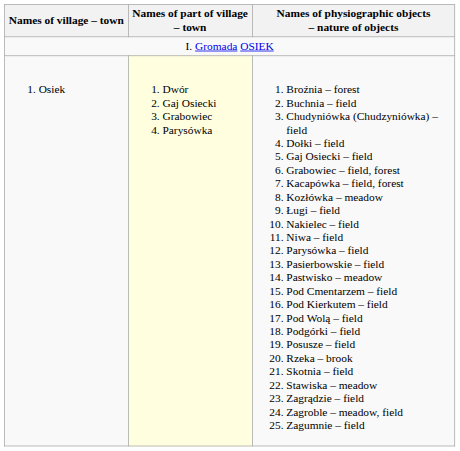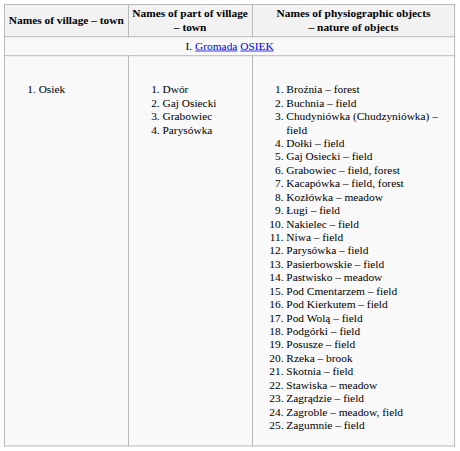 <table class="wikitable" style="text-align:center; font-size:90%" |>
 <tr>
 <th width="150px">Names of village – town</th>
 <th width="150px">Names of part of village<br> – town</th>
 <th width="250px">Names of physiographic objects<br> – nature of objects</th>
 </tr>
 <tr>
 <td colspan = "3">I. <a href='#'>Gromada</a> <a href='#'>OSIEK</a></td>
 </tr>
 <tr>
 <td valign = "top" style="text-align:left"><br><ol><li>Osiek</li></ol></td>
-<td valign = "top" style="background: lightyellow; text-align:left"><br><ol><li>Dwór</li><li>Gaj Osiecki</li><li>Grabowiec</li><li>Parysówka</li></ol></td>
+<td valign = "top" style="text-align:left"><br><ol><li>Dwór</li><li>Gaj Osiecki</li><li>Grabowiec</li><li>Parysówka</li></ol></td>
 <td valign = "top" style="text-align:left"><br><ol><li>Broźnia – forest</li><li>Buchnia – field</li><li>Chudyniówka (Chudzyniówka) – field</li><li>Dołki – field</li><li>Gaj Osiecki – field</li><li>Grabowiec – field, forest</li><li>Kacapówka – field, forest</li><li>Kozłówka – meadow</li><li>Ługi – field</li><li>Nakielec – field</li><li>Niwa – field</li><li>Parysówka – field</li><li>Pasierbowskie – field</li><li>Pastwisko – meadow</li><li>Pod Cmentarzem – field</li><li>Pod Kierkutem – field</li><li>Pod Wolą – field</li><li>Podgórki – field</li><li>Posusze – field</li><li>Rzeka – brook</li><li>Skotnia – field</li><li>Stawiska – meadow</li><li>Zagrądzie – field</li><li>Zagroble – meadow, field</li><li>Zagumnie – field</li></ol></td>
 </tr>
 </table>
